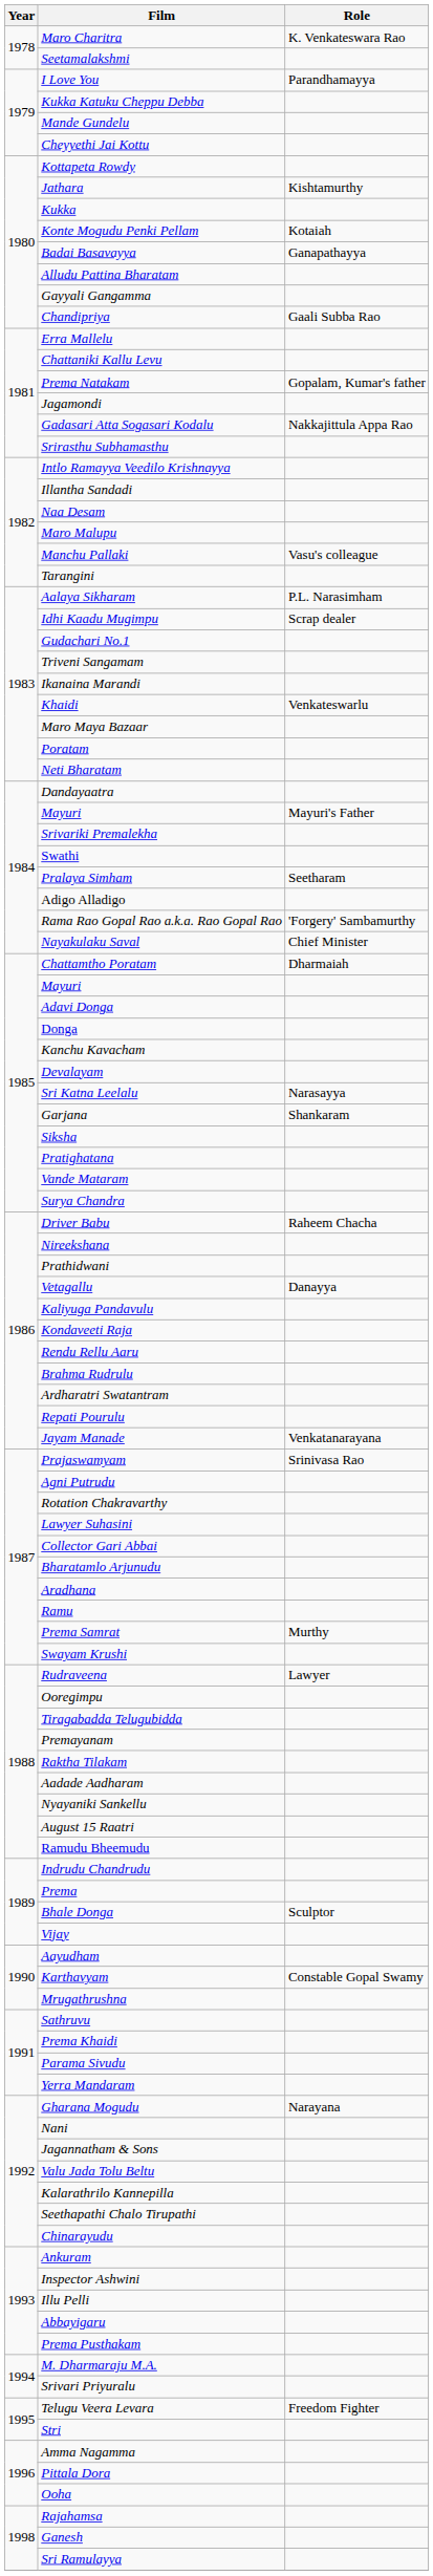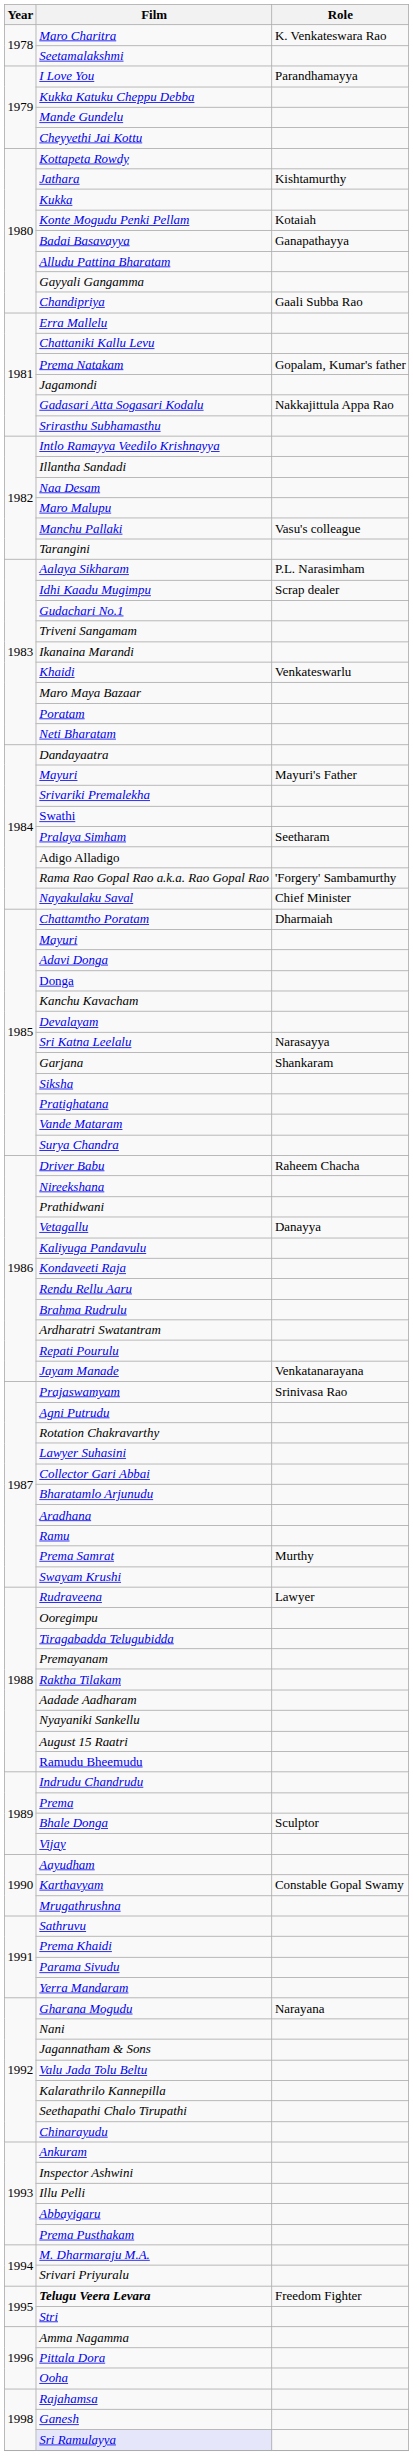 <table class="wikitable">
 <tr>
 <th>Year</th>
 <th>Film</th>
 <th>Role</th>
 </tr>
 <tr>
 <td rowspan="2">1978</td>
 <td><em><a href='#'>Maro Charitra</a></em></td>
 <td>K. Venkateswara Rao</td>
 </tr>
 <tr>
 <td><em><a href='#'>Seetamalakshmi</a></em></td>
 <td></td>
 </tr>
 <tr>
 <td rowspan="4">1979</td>
 <td><em><a href='#'>I Love You</a></em></td>
 <td>Parandhamayya</td>
 </tr>
 <tr>
 <td><em><a href='#'>Kukka Katuku Cheppu Debba</a></em></td>
 <td></td>
 </tr>
 <tr>
 <td><em><a href='#'>Mande Gundelu</a></em></td>
 <td></td>
 </tr>
 <tr>
 <td><em><a href='#'>Cheyyethi Jai Kottu</a></em></td>
 <td></td>
 </tr>
 <tr>
 <td rowspan="8">1980</td>
 <td><em><a href='#'>Kottapeta Rowdy</a></em></td>
 <td></td>
 </tr>
 <tr>
 <td><em><a href='#'>Jathara</a></em></td>
 <td>Kishtamurthy</td>
 </tr>
 <tr>
 <td><em><a href='#'>Kukka</a></em></td>
 <td></td>
 </tr>
 <tr>
 <td><em><a href='#'>Konte Mogudu Penki Pellam</a></em></td>
 <td>Kotaiah</td>
 </tr>
 <tr>
 <td><em><a href='#'>Badai Basavayya</a></em></td>
 <td>Ganapathayya</td>
 </tr>
 <tr>
 <td><em><a href='#'>Alludu Pattina Bharatam</a></em></td>
 <td></td>
 </tr>
 <tr>
 <td><em>Gayyali Gangamma</em></td>
 <td></td>
 </tr>
 <tr>
 <td><em><a href='#'>Chandipriya</a></em></td>
 <td>Gaali Subba Rao</td>
 </tr>
 <tr>
 <td rowspan="6">1981</td>
 <td><em><a href='#'>Erra Mallelu</a></em></td>
 <td></td>
 </tr>
 <tr>
 <td><em><a href='#'>Chattaniki Kallu Levu</a></em></td>
 <td></td>
 </tr>
 <tr>
 <td><em><a href='#'>Prema Natakam</a></em></td>
 <td>Gopalam, Kumar's father</td>
 </tr>
 <tr>
 <td><em>Jagamondi</em></td>
 <td></td>
 </tr>
 <tr>
 <td><a href='#'><em>Gadasari Atta Sogasari Kodalu</em></a><em></em></td>
 <td>Nakkajittula Appa Rao</td>
 </tr>
 <tr>
 <td><em><a href='#'>Srirasthu Subhamasthu</a></em></td>
 <td></td>
 </tr>
 <tr>
 <td rowspan="6">1982</td>
 <td><em><a href='#'>Intlo Ramayya Veedilo Krishnayya</a></em></td>
 <td></td>
 </tr>
 <tr>
 <td><em>Illantha Sandadi </em></td>
 <td></td>
 </tr>
 <tr>
 <td><em><a href='#'>Naa Desam</a></em></td>
 <td></td>
 </tr>
 <tr>
 <td><em><a href='#'>Maro Malupu</a></em></td>
 <td></td>
 </tr>
 <tr>
 <td><em><a href='#'>Manchu Pallaki</a></em></td>
 <td>Vasu's colleague</td>
 </tr>
 <tr>
 <td><em>Tarangini</em></td>
 <td></td>
 </tr>
 <tr>
 <td rowspan="9">1983</td>
 <td><em><a href='#'>Aalaya Sikharam</a></em></td>
 <td>P.L. Narasimham</td>
 </tr>
 <tr>
 <td><em><a href='#'>Idhi Kaadu Mugimpu</a></em></td>
 <td>Scrap dealer</td>
 </tr>
 <tr>
 <td><em><a href='#'>Gudachari No.1</a></em></td>
 <td></td>
 </tr>
 <tr>
 <td><em>Triveni Sangamam</em></td>
 <td></td>
 </tr>
 <tr>
 <td><em>Ikanaina Marandi</em></td>
 <td></td>
 </tr>
 <tr>
 <td><em><a href='#'>Khaidi</a></em></td>
 <td>Venkateswarlu</td>
 </tr>
 <tr>
 <td><em>Maro Maya Bazaar</em></td>
 <td></td>
 </tr>
 <tr>
 <td><em><a href='#'>Poratam</a></em></td>
 <td></td>
 </tr>
 <tr>
 <td><em><a href='#'>Neti Bharatam</a></em></td>
 <td></td>
 </tr>
 <tr>
 <td rowspan="8">1984</td>
 <td><em>Dandayaatra</em></td>
 <td></td>
 </tr>
 <tr>
 <td><em><a href='#'>Mayuri</a></em></td>
 <td>Mayuri's Father</td>
 </tr>
 <tr>
 <td><em><a href='#'>Srivariki Premalekha</a></em></td>
 <td></td>
 </tr>
 <tr>
 <td><a href='#'>Swathi</a></td>
 <td></td>
 </tr>
 <tr>
 <td><em><a href='#'>Pralaya Simham</a></em></td>
 <td>Seetharam</td>
 </tr>
 <tr>
 <td>Adigo Alladigo</td>
 <td></td>
 </tr>
 <tr>
 <td><em>Rama Rao Gopal Rao a.k.a. Rao Gopal Rao</em></td>
 <td>'Forgery' Sambamurthy</td>
 </tr>
 <tr>
 <td><em><a href='#'>Nayakulaku Saval</a></em></td>
 <td>Chief Minister</td>
 </tr>
 <tr>
 <td rowspan="12">1985</td>
 <td><em><a href='#'>Chattamtho Poratam</a></em></td>
 <td>Dharmaiah</td>
 </tr>
 <tr>
 <td><a href='#'><em>Mayuri</em></a></td>
 <td></td>
 </tr>
 <tr>
 <td><em><a href='#'>Adavi Donga</a></em></td>
 <td></td>
 </tr>
 <tr>
 <td><a href='#'>Donga</a></td>
 <td></td>
 </tr>
 <tr>
 <td><em>Kanchu Kavacham</em></td>
 <td></td>
 </tr>
 <tr>
 <td><em><a href='#'>Devalayam</a></em></td>
 <td></td>
 </tr>
 <tr>
 <td><em><a href='#'>Sri Katna Leelalu</a></em></td>
 <td>Narasayya</td>
 </tr>
 <tr>
 <td><em>Garjana</em></td>
 <td>Shankaram</td>
 </tr>
 <tr>
 <td><em><a href='#'>Siksha</a></em></td>
 <td></td>
 </tr>
 <tr>
 <td><em><a href='#'>Pratighatana</a></em></td>
 <td></td>
 </tr>
 <tr>
 <td><em><a href='#'>Vande Mataram</a> </em></td>
 <td></td>
 </tr>
 <tr>
 <td><em><a href='#'>Surya Chandra</a></em></td>
 <td></td>
 </tr>
 <tr>
 <td rowspan="11">1986</td>
 <td><em><a href='#'>Driver Babu</a></em></td>
 <td>Raheem Chacha</td>
 </tr>
 <tr>
 <td><em><a href='#'>Nireekshana</a></em></td>
 <td></td>
 </tr>
 <tr>
 <td><em>Prathidwani</em></td>
 <td></td>
 </tr>
 <tr>
 <td><em><a href='#'>Vetagallu</a></em></td>
 <td>Danayya</td>
 </tr>
 <tr>
 <td><em><a href='#'>Kaliyuga Pandavulu</a></em></td>
 <td></td>
 </tr>
 <tr>
 <td><em><a href='#'>Kondaveeti Raja</a></em></td>
 <td></td>
 </tr>
 <tr>
 <td><em><a href='#'>Rendu Rellu Aaru</a></em></td>
 <td></td>
 </tr>
 <tr>
 <td><em><a href='#'>Brahma Rudrulu</a></em></td>
 <td></td>
 </tr>
 <tr>
 <td><em>Ardharatri Swatantram</em></td>
 <td></td>
 </tr>
 <tr>
 <td><em><a href='#'>Repati Pourulu</a></em></td>
 <td></td>
 </tr>
 <tr>
 <td><em><a href='#'>Jayam Manade</a></em></td>
 <td>Venkatanarayana</td>
 </tr>
 <tr>
 <td rowspan="10">1987</td>
 <td><em><a href='#'>Prajaswamyam</a></em></td>
 <td>Srinivasa Rao</td>
 </tr>
 <tr>
 <td><em><a href='#'>Agni Putrudu</a></em></td>
 <td></td>
 </tr>
 <tr>
 <td><em>Rotation Chakravarthy</em></td>
 <td></td>
 </tr>
 <tr>
 <td><em><a href='#'>Lawyer Suhasini</a></em></td>
 <td></td>
 </tr>
 <tr>
 <td><em><a href='#'>Collector Gari Abbai</a></em></td>
 <td></td>
 </tr>
 <tr>
 <td><em><a href='#'>Bharatamlo Arjunudu</a></em></td>
 <td></td>
 </tr>
 <tr>
 <td><em><a href='#'>Aradhana</a></em></td>
 <td></td>
 </tr>
 <tr>
 <td><em><a href='#'>Ramu</a></em></td>
 <td></td>
 </tr>
 <tr>
 <td><em><a href='#'>Prema Samrat</a></em></td>
 <td>Murthy</td>
 </tr>
 <tr>
 <td><em><a href='#'>Swayam Krushi</a></em></td>
 <td></td>
 </tr>
 <tr>
 <td rowspan="9">1988</td>
 <td><em><a href='#'>Rudraveena</a></em></td>
 <td>Lawyer</td>
 </tr>
 <tr>
 <td><em>Ooregimpu</em></td>
 <td></td>
 </tr>
 <tr>
 <td><em><a href='#'>Tiragabadda Telugubidda</a></em></td>
 <td></td>
 </tr>
 <tr>
 <td><em>Premayanam</em></td>
 <td></td>
 </tr>
 <tr>
 <td><em><a href='#'>Raktha Tilakam</a></em></td>
 <td></td>
 </tr>
 <tr>
 <td><em>Aadade Aadharam</em></td>
 <td></td>
 </tr>
 <tr>
 <td><em>Nyayaniki Sankellu</em></td>
 <td></td>
 </tr>
 <tr>
 <td><em>August 15 Raatri</em></td>
 <td></td>
 </tr>
 <tr>
 <td><a href='#'>Ramudu Bheemudu</a></td>
 <td></td>
 </tr>
 <tr>
 <td rowspan="4">1989</td>
 <td><em><a href='#'>Indrudu Chandrudu</a></em></td>
 <td></td>
 </tr>
 <tr>
 <td><em><a href='#'>Prema</a></em></td>
 <td></td>
 </tr>
 <tr>
 <td><em><a href='#'>Bhale Donga</a></em></td>
 <td>Sculptor</td>
 </tr>
 <tr>
 <td><em><a href='#'>Vijay</a></em></td>
 <td></td>
 </tr>
 <tr>
 <td rowspan="3">1990</td>
 <td><em><a href='#'>Aayudham</a> </em></td>
 <td></td>
 </tr>
 <tr>
 <td><em><a href='#'>Karthavyam</a></em></td>
 <td>Constable Gopal Swamy</td>
 </tr>
 <tr>
 <td><em><a href='#'>Mrugathrushna</a></em></td>
 <td></td>
 </tr>
 <tr>
 <td rowspan="4">1991</td>
 <td><em><a href='#'>Sathruvu</a></em></td>
 <td></td>
 </tr>
 <tr>
 <td><em><a href='#'>Prema Khaidi</a></em></td>
 <td></td>
 </tr>
 <tr>
 <td><em><a href='#'>Parama Sivudu</a></em></td>
 <td></td>
 </tr>
 <tr>
 <td><em><a href='#'>Yerra Mandaram</a></em></td>
 <td></td>
 </tr>
 <tr>
 <td rowspan="7">1992</td>
 <td><em><a href='#'>Gharana Mogudu</a></em></td>
 <td>Narayana</td>
 </tr>
 <tr>
 <td><em>Nani</em></td>
 <td></td>
 </tr>
 <tr>
 <td><em>Jagannatham & Sons</em></td>
 <td></td>
 </tr>
 <tr>
 <td><em><a href='#'>Valu Jada Tolu Beltu</a></em></td>
 <td></td>
 </tr>
 <tr>
 <td><em>Kalarathrilo Kannepilla</em></td>
 <td></td>
 </tr>
 <tr>
 <td><em>Seethapathi Chalo Tirupathi</em></td>
 <td></td>
 </tr>
 <tr>
 <td><em><a href='#'>Chinarayudu</a></em></td>
 <td></td>
 </tr>
 <tr>
 <td rowspan="5">1993</td>
 <td><em><a href='#'>Ankuram</a></em></td>
 <td></td>
 </tr>
 <tr>
 <td><em>Inspector Ashwini</em></td>
 <td></td>
 </tr>
 <tr>
 <td><em>Illu Pelli</em></td>
 <td></td>
 </tr>
 <tr>
 <td><em><a href='#'>Abbayigaru</a></em></td>
 <td></td>
 </tr>
 <tr>
 <td><em><a href='#'>Prema Pusthakam</a></em></td>
 <td></td>
 </tr>
 <tr>
 <td rowspan="2">1994</td>
 <td><em><a href='#'>M. Dharmaraju M.A.</a></em></td>
 <td></td>
 </tr>
 <tr>
 <td><em>Srivari Priyuralu</em></td>
 <td></td>
 </tr>
 <tr>
 <td rowspan="2">1995</td>
-<td><em>Telugu Veera Levara</em></td>
+<td><strong><em>Telugu Veera Levara</em></strong></td>
 <td>Freedom Fighter</td>
 </tr>
 <tr>
 <td><em><a href='#'>Stri</a></em></td>
 <td></td>
 </tr>
 <tr>
 <td rowspan="3">1996</td>
 <td><em>Amma Nagamma</em></td>
 <td></td>
 </tr>
 <tr>
 <td><a href='#'><em>Pittala Dora</em></a></td>
 <td></td>
 </tr>
 <tr>
 <td><em><a href='#'>Ooha</a></em></td>
 <td></td>
 </tr>
 <tr>
 <td rowspan="3">1998</td>
 <td><em><a href='#'>Rajahamsa</a></em></td>
 <td></td>
 </tr>
 <tr>
 <td><a href='#'><em>Ganesh</em></a></td>
 <td></td>
 </tr>
 <tr>
-<td><em><a href='#'>Sri Ramulayya</a></em></td>
+<td style="background: lavender;"><em><a href='#'>Sri Ramulayya</a></em></td>
 <td></td>
 </tr>
 <tr>
 </tr>
 </table>
